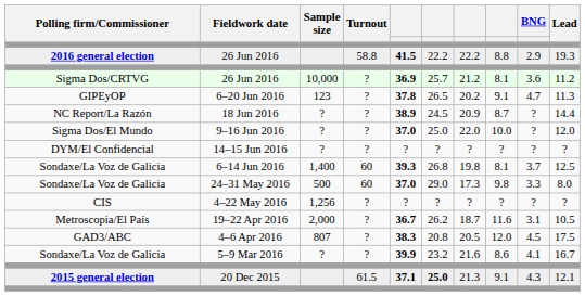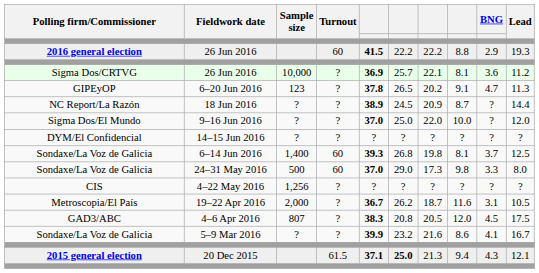 <table class="wikitable collapsible collapsed" style="text-align:center; font-size:95%; line-height:16px;">
 <tr style="height:42px; background-color:#E9E9E9">
 <th style="width:250px;" rowspan="2">Polling firm/Commissioner</th>
 <th style="width:125px;" rowspan="2">Fieldwork date</th>
 <th style="width:50px;" rowspan="2">Sample size</th>
 <th style="width:45px;" rowspan="2">Turnout</th>
 <th style="width:35px;"></th>
 <th style="width:35px;"></th>
 <th style="width:35px;"></th>
 <th style="width:35px;"></th>
 <th style="width:35px;"><a href='#'>BNG</a></th>
 <th style="width:30px;" rowspan="2">Lead</th>
 </tr>
 <tr>
 <th style="color:inherit;background:"></th>
 <th style="color:inherit;background:"></th>
 <th style="color:inherit;background:"></th>
 <th style="color:inherit;background:"></th>
 <th style="color:inherit;background:"></th>
 </tr>
 <tr>
 <td colspan="10" style="background:#A0A0A0"></td>
 </tr>
 <tr style="background:#EFEFEF;">
 <td><strong><a href='#'>2016 general election</a></strong></td>
 <td>26 Jun 2016</td>
 <td></td>
-<td>58.8</td>
+<td>60</td>
 <td><strong>41.5</strong><br></td>
 <td>22.2<br></td>
 <td>22.2<br></td>
 <td>8.8<br></td>
 <td>2.9<br></td>
 <td style="background:">19.3</td>
 </tr>
 <tr>
 <td colspan="10" style="background:#A0A0A0"></td>
 </tr>
 <tr style="background:#EAFFEA;">
 <td>Sigma Dos/CRTVG</td>
 <td>26 Jun 2016</td>
 <td>10,000</td>
 <td>?</td>
 <td><strong>36.9</strong><br></td>
 <td>25.7<br></td>
-<td>21.2<br></td>
+<td>22.1<br></td>
 <td>8.1<br></td>
 <td>3.6<br></td>
 <td style="background:">11.2</td>
 </tr>
 <tr>
 <td>GIPEyOP</td>
 <td>6–20 Jun 2016</td>
 <td>123</td>
 <td>?</td>
 <td><strong>37.8</strong><br></td>
 <td>26.5<br></td>
 <td>20.2<br></td>
 <td>9.1<br></td>
 <td>4.7<br></td>
 <td style="background:">11.3</td>
 </tr>
 <tr>
 <td>NC Report/La Razón</td>
 <td>18 Jun 2016</td>
 <td>?</td>
 <td>?</td>
 <td><strong>38.9</strong><br></td>
 <td>24.5<br></td>
 <td>20.9<br></td>
 <td>8.7<br></td>
 <td>?<br></td>
 <td style="background:">14.4</td>
 </tr>
 <tr>
 <td>Sigma Dos/El Mundo</td>
 <td>9–16 Jun 2016</td>
 <td>?</td>
 <td>?</td>
 <td><strong>37.0</strong><br></td>
 <td>25.0<br></td>
 <td>22.0<br></td>
 <td>10.0<br></td>
 <td>?<br></td>
 <td style="background:">12.0</td>
 </tr>
 <tr>
 <td>DYM/El Confidencial</td>
 <td>14–15 Jun 2016</td>
 <td>?</td>
 <td>?</td>
 <td>?<br></td>
 <td>?<br></td>
 <td>?<br></td>
 <td>?<br></td>
 <td>?<br></td>
 <td style="background:">?</td>
 </tr>
 <tr>
 <td>Sondaxe/La Voz de Galicia</td>
 <td>6–14 Jun 2016</td>
 <td>1,400</td>
 <td>60</td>
 <td><strong>39.3</strong><br></td>
 <td>26.8<br></td>
 <td>19.8<br></td>
 <td>8.1<br></td>
 <td>3.7<br></td>
 <td style="background:">12.5</td>
 </tr>
 <tr>
 <td>Sondaxe/La Voz de Galicia</td>
 <td>24–31 May 2016</td>
 <td>500</td>
 <td>60</td>
 <td><strong>37.0</strong><br></td>
 <td>29.0<br></td>
 <td>17.3<br></td>
 <td>9.8<br></td>
 <td>3.3<br></td>
 <td style="background:">8.0</td>
 </tr>
 <tr>
 <td>CIS</td>
 <td>4–22 May 2016</td>
 <td>1,256</td>
 <td>?</td>
 <td>?<br></td>
 <td>?<br></td>
 <td>?<br></td>
 <td>?<br></td>
 <td>?<br></td>
 <td style="background:">?</td>
 </tr>
 <tr>
 <td>Metroscopia/El País</td>
 <td>19–22 Apr 2016</td>
 <td>2,000</td>
 <td>?</td>
 <td><strong>36.7</strong><br></td>
 <td>26.2<br></td>
 <td>18.7<br></td>
 <td>11.6<br></td>
 <td>3.1<br></td>
 <td style="background:">10.5</td>
 </tr>
 <tr>
 <td>GAD3/ABC</td>
 <td>4–6 Apr 2016</td>
 <td>807</td>
 <td>?</td>
 <td><strong>38.3</strong><br></td>
 <td>20.8<br></td>
 <td>20.5<br></td>
 <td>12.0<br></td>
 <td>4.5<br></td>
 <td style="background:">17.5</td>
 </tr>
 <tr>
 <td>Sondaxe/La Voz de Galicia</td>
 <td>5–9 Mar 2016</td>
 <td>?</td>
 <td>?</td>
 <td><strong>39.9</strong><br></td>
 <td>23.2<br></td>
 <td>21.6<br></td>
 <td>8.6<br></td>
 <td>4.1<br></td>
 <td style="background:">16.7</td>
 </tr>
 <tr>
 <td colspan="10" style="background:#A0A0A0"></td>
 </tr>
 <tr style="background:#EFEFEF;">
 <td><strong><a href='#'>2015 general election</a></strong></td>
 <td>20 Dec 2015</td>
 <td></td>
 <td>61.5</td>
 <td><strong>37.1</strong><br></td>
 <td><strong>25.0<br></strong></td>
 <td>21.3<br></td>
-<td>9.1<br></td>
+<td>9.4<br></td>
 <td>4.3<br></td>
 <td style="background:">12.1</td>
 </tr>
 <tr>
 <td colspan="10" style="background:#A0A0A0"></td>
 </tr>
 </table>
